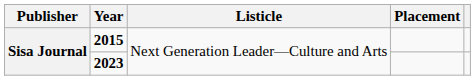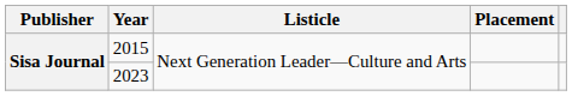 <table class="wikitable plainrowheaders sortable" style="text-align:left">
 <tr>
 <th scope="col">Publisher</th>
 <th scope="col">Year</th>
 <th scope="col">Listicle</th>
 <th scope="col">Placement</th>
 <th scope="col" class="unsortable"></th>
 </tr>
 <tr>
 <th rowspan="2" scope="row">Sisa Journal</th>
-<td><strong>2015</strong></td>
+<td>2015</td>
 <td rowspan="2">Next Generation Leader—Culture and Arts</td>
 <td></td>
 <td></td>
 </tr>
 <tr>
-<td><strong>2023</strong></td>
+<td>2023</td>
 <td></td>
 <td></td>
 </tr>
 </table>
